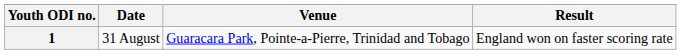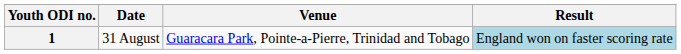 <table class="wikitable">
 <tr>
 </tr>
 <tr>
 <th scope="col">Youth ODI no.</th>
 <th scope="col">Date</th>
 <th scope="col">Venue</th>
 <th scope="col">Result</th>
 </tr>
 <tr>
 <th scope="row">1</th>
 <td>31 August</td>
 <td><a href='#'>Guaracara Park</a>, Pointe-a-Pierre, Trinidad and Tobago</td>
-<td>England won on faster scoring rate</td>
+<td style="background: lightblue;">England won on faster scoring rate</td>
 </tr>
 </table>
